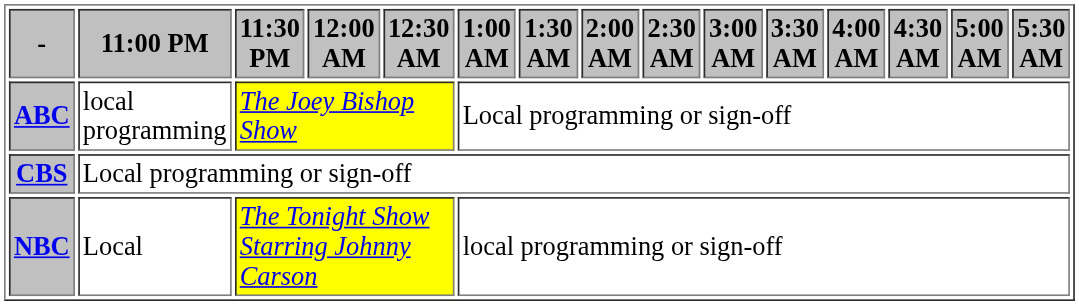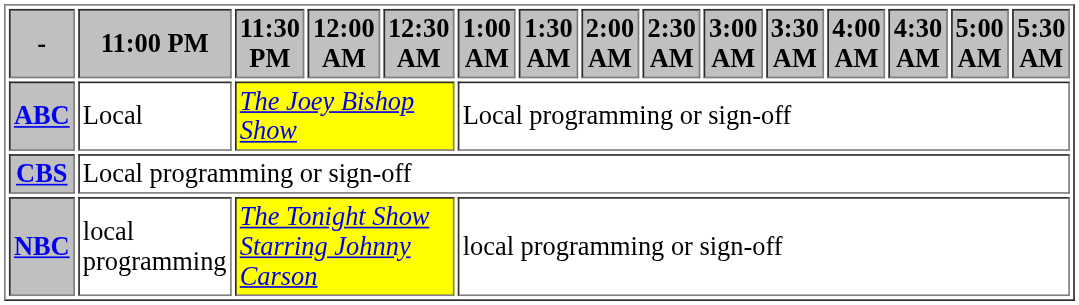 <table border="1" cellpadding="2">
 <tr>
 <th bgcolor="#C0C0C0">-</th>
 <th width="13%" bgcolor="#C0C0C0">11:00 PM</th>
 <th width="14%" bgcolor="#C0C0C0">11:30 PM</th>
 <th width="13%" bgcolor="#C0C0C0">12:00 AM</th>
 <th width="14%" bgcolor="#C0C0C0">12:30 AM</th>
 <th width="13%" bgcolor="#C0C0C0">1:00 AM</th>
 <th width="14%" bgcolor="#C0C0C0">1:30 AM</th>
 <th width="13%" bgcolor="#C0C0C0">2:00 AM</th>
 <th width="14%" bgcolor="#C0C0C0">2:30 AM</th>
 <th width="13%" bgcolor="#C0C0C0">3:00 AM</th>
 <th width="14%" bgcolor="#C0C0C0">3:30 AM</th>
 <th width="13%" bgcolor="#C0C0C0">4:00 AM</th>
 <th width="14%" bgcolor="#C0C0C0">4:30 AM</th>
 <th width="13%" bgcolor="#C0C0C0">5:00 AM</th>
 <th width="14%" bgcolor="#C0C0C0">5:30 AM</th>
 </tr>
 <tr>
 <th bgcolor="#C0C0C0"><a href='#'>ABC</a></th>
-<td bgcolor="white">local programming</td>
+<td bgcolor="white">Local</td>
 <td bgcolor="yellow" colspan="3"><a href='#'><em>The Joey Bishop Show</em></a></td>
 <td bgcolor="white" colspan="10">Local programming or sign-off</td>
 </tr>
 <tr>
 <th bgcolor="#C0C0C0"><a href='#'>CBS</a></th>
 <td bgcolor="white" colspan="14">Local programming or sign-off</td>
 </tr>
 <tr>
 <th bgcolor="#C0C0C0"><a href='#'>NBC</a></th>
-<td bgcolor="white">Local</td>
+<td bgcolor="white">local programming</td>
 <td bgcolor="yellow" colspan="3"><em><a href='#'>The Tonight Show Starring Johnny Carson</a></em></td>
 <td bgcolor="white" colspan="10">local programming or sign-off</td>
 </tr>
 </table>
